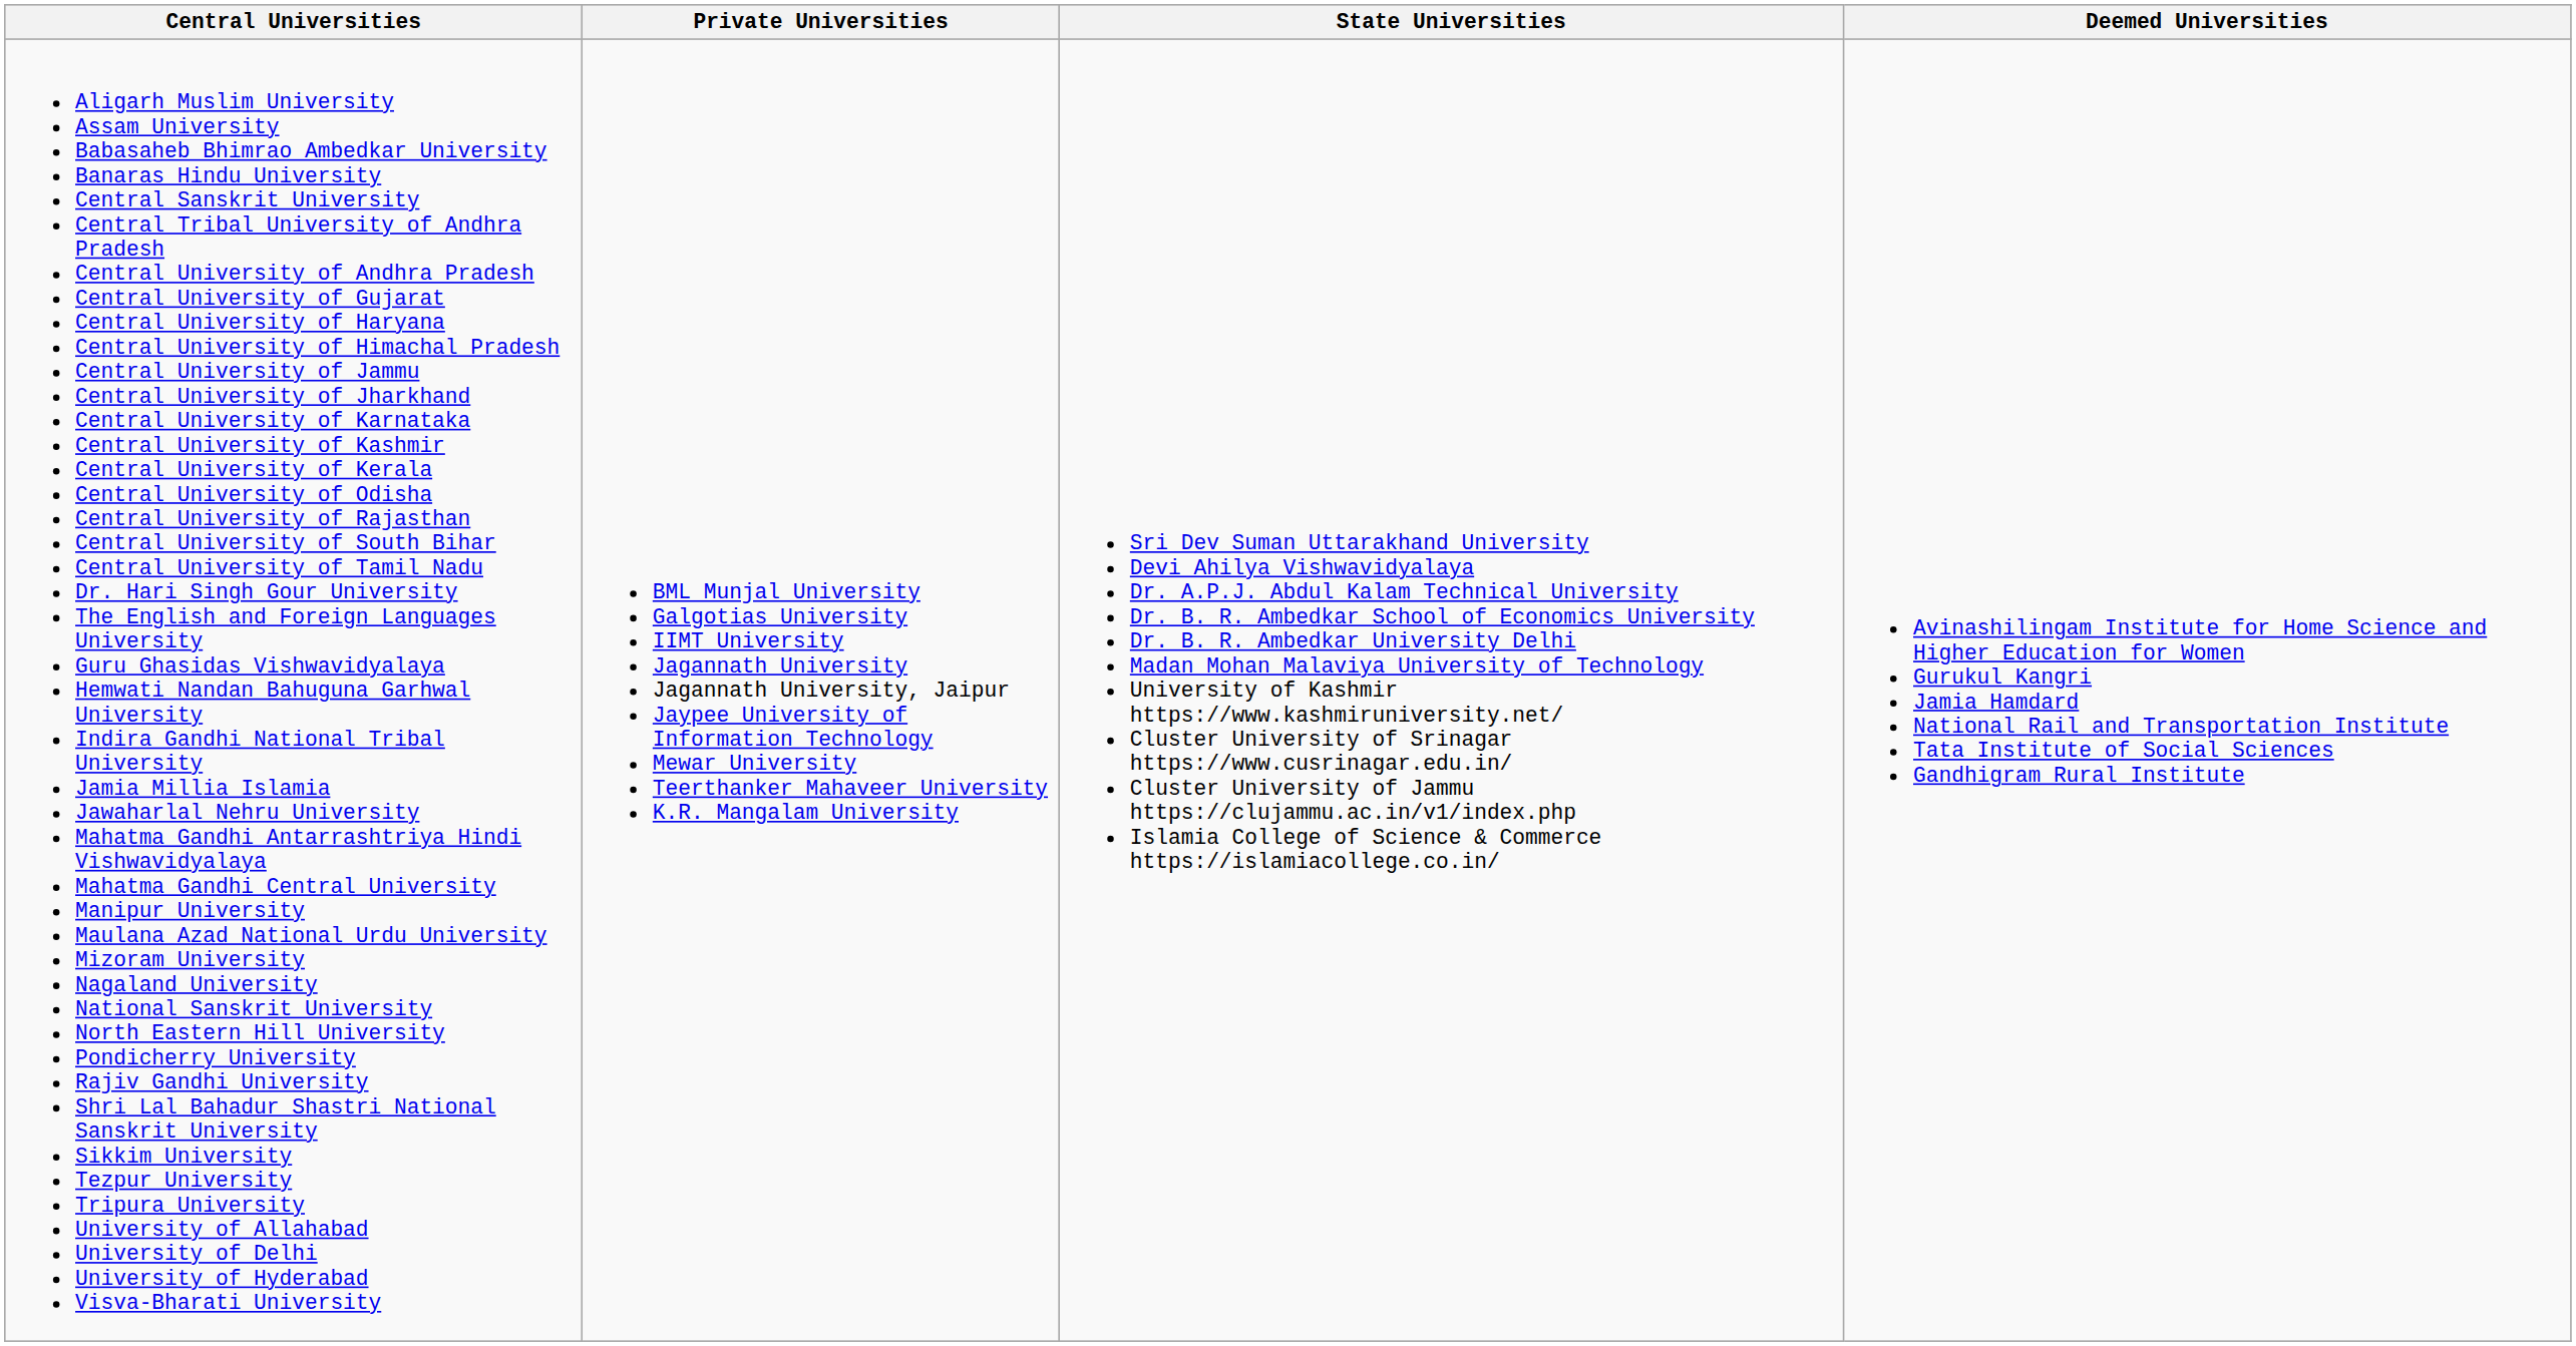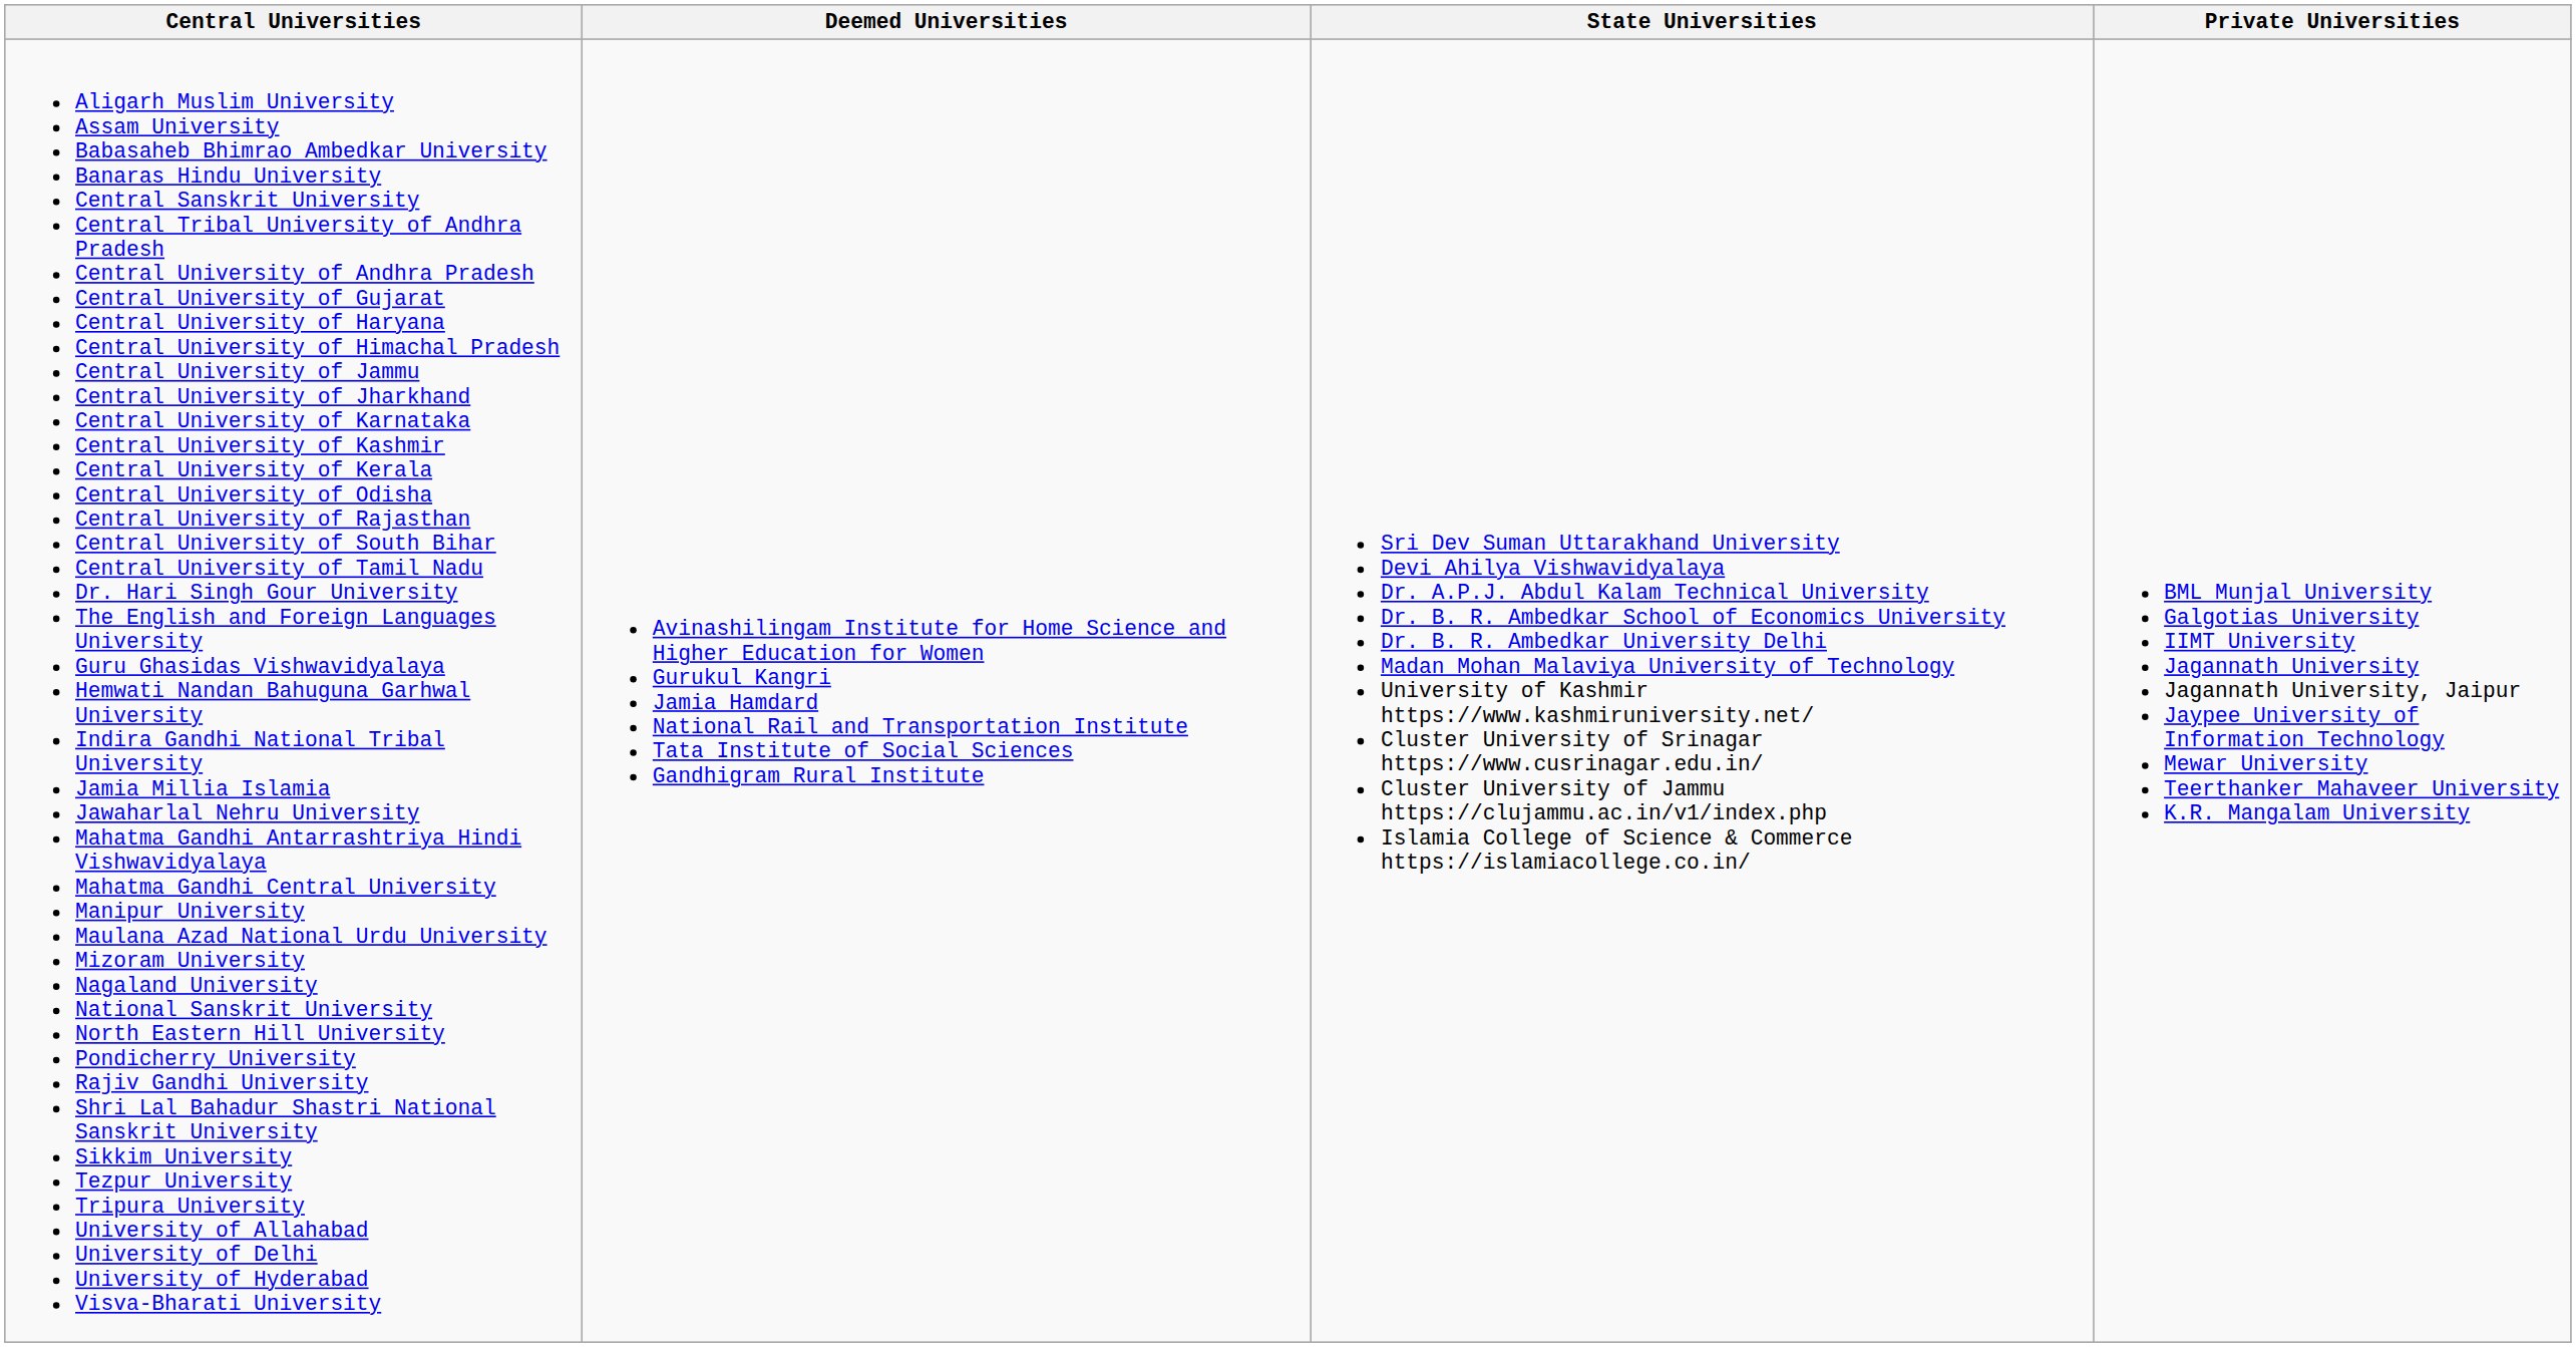 <table class="wikitable">
 <tr>
 <th>Central Universities</th>
+<th>Deemed Universities</th>
+<th>State Universities</th>
 <th>Private Universities</th>
-<th>State Universities</th>
-<th>Deemed Universities</th>
 </tr>
 <tr>
 <td><br><ul><li><a href='#'>Aligarh Muslim University</a></li><li><a href='#'>Assam University</a></li><li><a href='#'>Babasaheb Bhimrao Ambedkar University</a></li><li><a href='#'>Banaras Hindu University</a></li><li><a href='#'>Central Sanskrit University</a></li><li><a href='#'>Central Tribal University of Andhra Pradesh</a></li><li><a href='#'>Central University of Andhra Pradesh</a></li><li><a href='#'>Central University of Gujarat</a></li><li><a href='#'>Central University of Haryana</a></li><li><a href='#'>Central University of Himachal Pradesh</a></li><li><a href='#'>Central University of Jammu</a></li><li><a href='#'>Central University of Jharkhand</a></li><li><a href='#'>Central University of Karnataka</a></li><li><a href='#'>Central University of Kashmir</a></li><li><a href='#'>Central University of Kerala</a></li><li><a href='#'>Central University of Odisha</a></li><li><a href='#'>Central University of Rajasthan</a></li><li><a href='#'>Central University of South Bihar</a></li><li><a href='#'>Central University of Tamil Nadu</a></li><li><a href='#'>Dr. Hari Singh Gour University</a></li><li><a href='#'>The English and Foreign Languages University</a></li><li><a href='#'>Guru Ghasidas Vishwavidyalaya</a></li><li><a href='#'>Hemwati Nandan Bahuguna Garhwal University</a></li><li><a href='#'>Indira Gandhi National Tribal University</a></li><li><a href='#'>Jamia Millia Islamia</a></li><li><a href='#'>Jawaharlal Nehru University</a></li><li><a href='#'>Mahatma Gandhi Antarrashtriya Hindi Vishwavidyalaya</a></li><li><a href='#'>Mahatma Gandhi Central University</a></li><li><a href='#'>Manipur University</a></li><li><a href='#'>Maulana Azad National Urdu University</a></li><li><a href='#'>Mizoram University</a></li><li><a href='#'>Nagaland University</a></li><li><a href='#'>National Sanskrit University</a></li><li><a href='#'>North Eastern Hill University</a></li><li><a href='#'>Pondicherry University</a></li><li><a href='#'>Rajiv Gandhi University</a></li><li><a href='#'>Shri Lal Bahadur Shastri National Sanskrit University</a></li><li><a href='#'>Sikkim University</a></li><li><a href='#'>Tezpur University</a></li><li><a href='#'>Tripura University</a></li><li><a href='#'>University of Allahabad</a></li><li><a href='#'>University of Delhi</a></li><li><a href='#'>University of Hyderabad</a></li><li><a href='#'>Visva-Bharati University</a></li></ul></td>
+<td><br><ul><li><a href='#'>Avinashilingam Institute for Home Science and Higher Education for Women</a></li><li><a href='#'>Gurukul Kangri</a></li><li><a href='#'>Jamia Hamdard</a></li><li><a href='#'>National Rail and Transportation Institute</a></li><li><a href='#'>Tata Institute of Social Sciences</a></li><li><a href='#'>Gandhigram Rural Institute</a></li></ul></td>
+<td><br><ul><li><a href='#'>Sri Dev Suman Uttarakhand University</a></li><li><a href='#'>Devi Ahilya Vishwavidyalaya</a></li><li><a href='#'>Dr. A.P.J. Abdul Kalam Technical University</a></li><li><a href='#'>Dr. B. R. Ambedkar School of Economics University</a></li><li><a href='#'>Dr. B. R. Ambedkar University Delhi</a></li><li><a href='#'>Madan Mohan Malaviya University of Technology</a></li><li>University of Kashmir https://www.kashmiruniversity.net/</li><li>Cluster University of Srinagar https://www.cusrinagar.edu.in/</li><li>Cluster University of Jammu https://clujammu.ac.in/v1/index.php</li><li>Islamia College of Science & Commerce https://islamiacollege.co.in/</li></ul></td>
 <td><br><ul><li><a href='#'>BML Munjal University</a></li><li><a href='#'>Galgotias University</a></li><li><a href='#'>IIMT University</a></li><li><a href='#'>Jagannath University</a></li><li>Jagannath University, Jaipur</li><li><a href='#'>Jaypee University of Information Technology</a></li><li><a href='#'>Mewar University</a></li><li><a href='#'>Teerthanker Mahaveer University</a></li><li><a href='#'>K.R. Mangalam University</a></li></ul></td>
-<td><br><ul><li><a href='#'>Sri Dev Suman Uttarakhand University</a></li><li><a href='#'>Devi Ahilya Vishwavidyalaya</a></li><li><a href='#'>Dr. A.P.J. Abdul Kalam Technical University</a></li><li><a href='#'>Dr. B. R. Ambedkar School of Economics University</a></li><li><a href='#'>Dr. B. R. Ambedkar University Delhi</a></li><li><a href='#'>Madan Mohan Malaviya University of Technology</a></li><li>University of Kashmir https://www.kashmiruniversity.net/</li><li>Cluster University of Srinagar https://www.cusrinagar.edu.in/</li><li>Cluster University of Jammu https://clujammu.ac.in/v1/index.php</li><li>Islamia College of Science & Commerce https://islamiacollege.co.in/</li></ul></td>
-<td><br><ul><li><a href='#'>Avinashilingam Institute for Home Science and Higher Education for Women</a></li><li><a href='#'>Gurukul Kangri</a></li><li><a href='#'>Jamia Hamdard</a></li><li><a href='#'>National Rail and Transportation Institute</a></li><li><a href='#'>Tata Institute of Social Sciences</a></li><li><a href='#'>Gandhigram Rural Institute</a></li></ul></td>
 </tr>
 </table>
